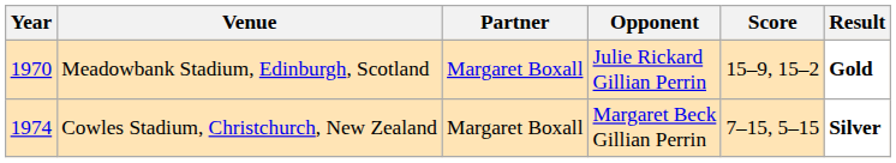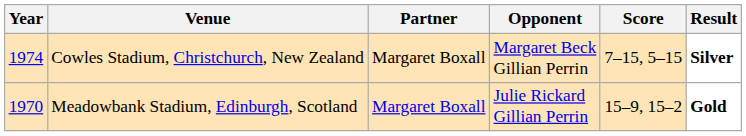 <table class="sortable wikitable" style="font-size: 90%;">
 <tr>
 <th>Year</th>
 <th>Venue</th>
 <th>Partner</th>
 <th>Opponent</th>
 <th>Score</th>
 <th>Result</th>
 </tr>
 <tr style="background:#FFE4B5">
+<td align="center"><a href='#'>1974</a></td>
+<td align="left">Cowles Stadium, <a href='#'>Christchurch</a>, New Zealand</td>
+<td align="left"> Margaret Boxall</td>
+<td align="left"> <a href='#'>Margaret Beck</a><br> Gillian Perrin</td>
+<td align="left">7–15, 5–15</td>
+<td style="text-align:left; background:white"> <strong>Silver</strong></td>
+</tr>
+<tr style="background:#FFE4B5">
 <td align="center"><a href='#'>1970</a></td>
 <td align="left">Meadowbank Stadium, <a href='#'>Edinburgh</a>, Scotland</td>
 <td align="left"> <a href='#'>Margaret Boxall</a></td>
 <td align="left"> <a href='#'>Julie Rickard</a><br> <a href='#'>Gillian Perrin</a></td>
 <td align="left">15–9, 15–2</td>
 <td style="text-align:left; background:white"> <strong>Gold</strong></td>
 </tr>
-<tr style="background:#FFE4B5">
-<td align="center"><a href='#'>1974</a></td>
-<td align="left">Cowles Stadium, <a href='#'>Christchurch</a>, New Zealand</td>
-<td align="left"> Margaret Boxall</td>
-<td align="left"> <a href='#'>Margaret Beck</a><br> Gillian Perrin</td>
-<td align="left">7–15, 5–15</td>
-<td style="text-align:left; background:white"> <strong>Silver</strong></td>
-</tr>
 </table>
